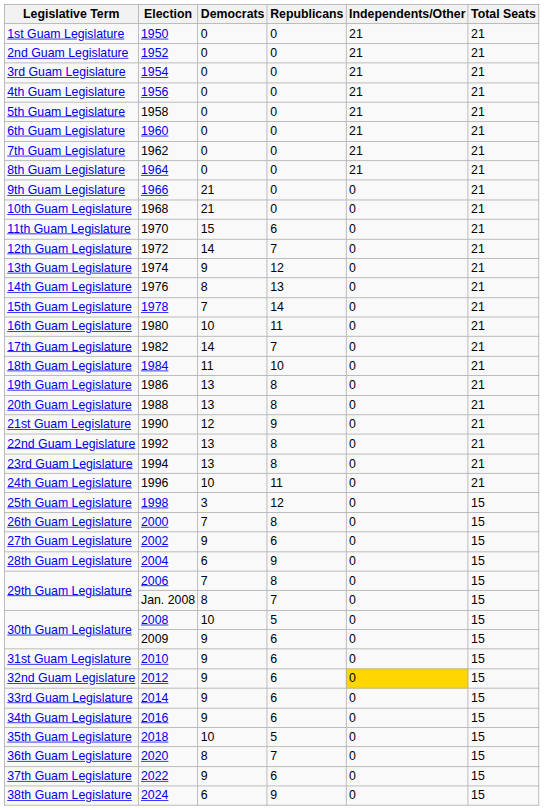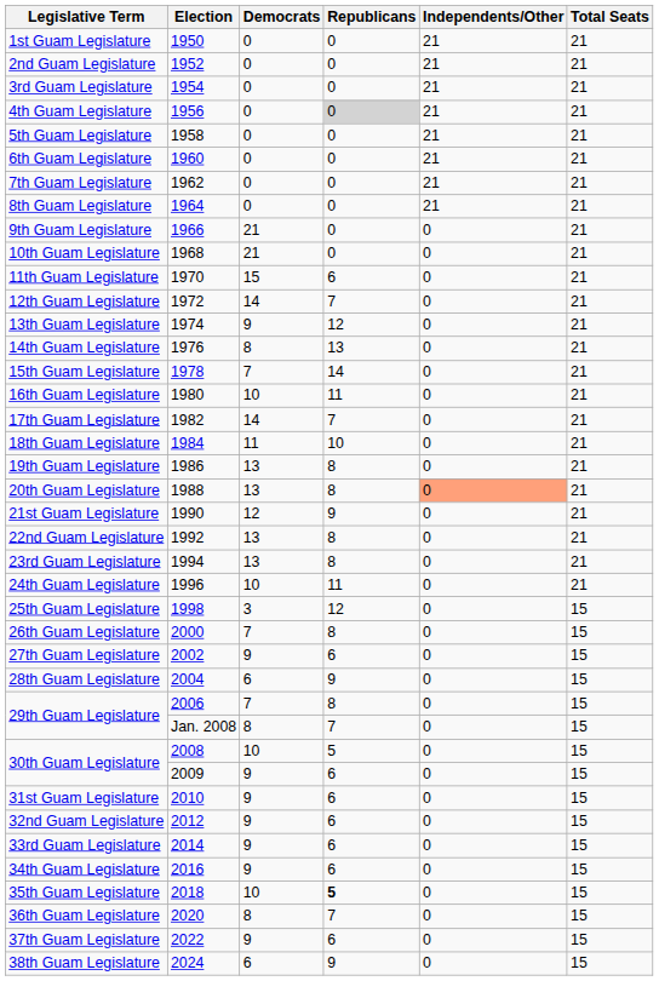 <table class="wikitable">
 <tr>
 <th>Legislative Term</th>
 <th>Election</th>
 <th>Democrats</th>
 <th>Republicans</th>
 <th>Independents/Other</th>
 <th>Total Seats</th>
 </tr>
 <tr>
 <td><a href='#'>1st Guam Legislature</a></td>
 <td><a href='#'>1950</a></td>
 <td>0</td>
 <td>0</td>
 <td>21</td>
 <td>21</td>
 </tr>
 <tr>
 <td><a href='#'>2nd Guam Legislature</a></td>
 <td><a href='#'>1952</a></td>
 <td>0</td>
 <td>0</td>
 <td>21</td>
 <td>21</td>
 </tr>
 <tr>
 <td><a href='#'>3rd Guam Legislature</a></td>
 <td><a href='#'>1954</a></td>
 <td>0</td>
 <td>0</td>
 <td>21</td>
 <td>21</td>
 </tr>
 <tr>
 <td><a href='#'>4th Guam Legislature</a></td>
 <td><a href='#'>1956</a></td>
 <td>0</td>
-<td>0</td>
+<td style="background: lightgrey;">0</td>
 <td>21</td>
 <td>21</td>
 </tr>
 <tr>
 <td><a href='#'>5th Guam Legislature</a></td>
 <td>1958</td>
 <td>0</td>
 <td>0</td>
 <td>21</td>
 <td>21</td>
 </tr>
 <tr>
 <td><a href='#'>6th Guam Legislature</a></td>
 <td><a href='#'>1960</a></td>
 <td>0</td>
 <td>0</td>
 <td>21</td>
 <td>21</td>
 </tr>
 <tr>
 <td><a href='#'>7th Guam Legislature</a></td>
 <td>1962</td>
 <td>0</td>
 <td>0</td>
 <td>21</td>
 <td>21</td>
 </tr>
 <tr>
 <td><a href='#'>8th Guam Legislature</a></td>
 <td><a href='#'>1964</a></td>
 <td>0</td>
 <td>0</td>
 <td>21</td>
 <td>21</td>
 </tr>
 <tr>
 <td><a href='#'>9th Guam Legislature</a></td>
 <td><a href='#'>1966</a></td>
 <td>21</td>
 <td>0</td>
 <td>0</td>
 <td>21</td>
 </tr>
 <tr>
 <td><a href='#'>10th Guam Legislature</a></td>
 <td>1968</td>
 <td>21</td>
 <td>0</td>
 <td>0</td>
 <td>21</td>
 </tr>
 <tr>
 <td><a href='#'>11th Guam Legislature</a></td>
 <td>1970</td>
 <td>15</td>
 <td>6</td>
 <td>0</td>
 <td>21</td>
 </tr>
 <tr>
 <td><a href='#'>12th Guam Legislature</a></td>
 <td>1972</td>
 <td>14</td>
 <td>7</td>
 <td>0</td>
 <td>21</td>
 </tr>
 <tr>
 <td><a href='#'>13th Guam Legislature</a></td>
 <td>1974</td>
 <td>9</td>
 <td>12</td>
 <td>0</td>
 <td>21</td>
 </tr>
 <tr>
 <td><a href='#'>14th Guam Legislature</a></td>
 <td>1976</td>
 <td>8</td>
 <td>13</td>
 <td>0</td>
 <td>21</td>
 </tr>
 <tr>
 <td><a href='#'>15th Guam Legislature</a></td>
 <td><a href='#'>1978</a></td>
 <td>7</td>
 <td>14</td>
 <td>0</td>
 <td>21</td>
 </tr>
 <tr>
 <td><a href='#'>16th Guam Legislature</a></td>
 <td>1980</td>
 <td>10</td>
 <td>11</td>
 <td>0</td>
 <td>21</td>
 </tr>
 <tr>
 <td><a href='#'>17th Guam Legislature</a></td>
 <td>1982</td>
 <td>14</td>
 <td>7</td>
 <td>0</td>
 <td>21</td>
 </tr>
 <tr>
 <td><a href='#'>18th Guam Legislature</a></td>
 <td><a href='#'>1984</a></td>
 <td>11</td>
 <td>10</td>
 <td>0</td>
 <td>21</td>
 </tr>
 <tr>
 <td><a href='#'>19th Guam Legislature</a></td>
 <td>1986</td>
 <td>13</td>
 <td>8</td>
 <td>0</td>
 <td>21</td>
 </tr>
 <tr>
 <td><a href='#'>20th Guam Legislature</a></td>
 <td>1988</td>
 <td>13</td>
 <td>8</td>
-<td>0</td>
+<td style="background: lightsalmon;">0</td>
 <td>21</td>
 </tr>
 <tr>
 <td><a href='#'>21st Guam Legislature</a></td>
 <td>1990</td>
 <td>12</td>
 <td>9</td>
 <td>0</td>
 <td>21</td>
 </tr>
 <tr>
 <td><a href='#'>22nd Guam Legislature</a></td>
 <td>1992</td>
 <td>13</td>
 <td>8</td>
 <td>0</td>
 <td>21</td>
 </tr>
 <tr>
 <td><a href='#'>23rd Guam Legislature</a></td>
 <td>1994</td>
 <td>13</td>
 <td>8</td>
 <td>0</td>
 <td>21</td>
 </tr>
 <tr>
 <td><a href='#'>24th Guam Legislature</a></td>
 <td>1996</td>
 <td>10</td>
 <td>11</td>
 <td>0</td>
 <td>21</td>
 </tr>
 <tr>
 <td><a href='#'>25th Guam Legislature</a></td>
 <td><a href='#'>1998</a></td>
 <td>3</td>
 <td>12</td>
 <td>0</td>
 <td>15</td>
 </tr>
 <tr>
 <td><a href='#'>26th Guam Legislature</a></td>
 <td><a href='#'>2000</a></td>
 <td>7</td>
 <td>8</td>
 <td>0</td>
 <td>15</td>
 </tr>
 <tr>
 <td><a href='#'>27th Guam Legislature</a></td>
 <td><a href='#'>2002</a></td>
 <td>9</td>
 <td>6</td>
 <td>0</td>
 <td>15</td>
 </tr>
 <tr>
 <td><a href='#'>28th Guam Legislature</a></td>
 <td><a href='#'>2004</a></td>
 <td>6</td>
 <td>9</td>
 <td>0</td>
 <td>15</td>
 </tr>
 <tr>
 <td rowspan=2><a href='#'>29th Guam Legislature</a></td>
 <td><a href='#'>2006</a></td>
 <td>7</td>
 <td>8</td>
 <td>0</td>
 <td>15</td>
 </tr>
 <tr>
 <td>Jan. 2008</td>
 <td>8</td>
 <td>7</td>
 <td>0</td>
 <td>15</td>
 </tr>
 <tr>
 <td rowspan=2><a href='#'>30th Guam Legislature</a></td>
 <td><a href='#'>2008</a></td>
 <td>10</td>
 <td>5</td>
 <td>0</td>
 <td>15</td>
 </tr>
 <tr>
 <td>2009</td>
 <td>9</td>
 <td>6</td>
 <td>0</td>
 <td>15</td>
 </tr>
 <tr>
 <td><a href='#'>31st Guam Legislature</a></td>
 <td><a href='#'>2010</a></td>
 <td>9</td>
 <td>6</td>
 <td>0</td>
 <td>15</td>
 </tr>
 <tr>
 <td><a href='#'>32nd Guam Legislature</a></td>
 <td><a href='#'>2012</a></td>
 <td>9</td>
 <td>6</td>
-<td style="background: gold;">0</td>
+<td>0</td>
 <td>15</td>
 </tr>
 <tr>
 <td><a href='#'>33rd Guam Legislature</a></td>
 <td><a href='#'>2014</a></td>
 <td>9</td>
 <td>6</td>
 <td>0</td>
 <td>15</td>
 </tr>
 <tr>
 <td><a href='#'>34th Guam Legislature</a></td>
 <td><a href='#'>2016</a></td>
 <td>9</td>
 <td>6</td>
 <td>0</td>
 <td>15</td>
 </tr>
 <tr>
 <td><a href='#'>35th Guam Legislature</a></td>
 <td><a href='#'>2018</a></td>
 <td>10</td>
-<td>5</td>
+<td><strong>5</strong></td>
 <td>0</td>
 <td>15</td>
 </tr>
 <tr>
 <td><a href='#'>36th Guam Legislature</a></td>
 <td><a href='#'>2020</a></td>
 <td>8</td>
 <td>7</td>
 <td>0</td>
 <td>15</td>
 </tr>
 <tr>
 <td><a href='#'>37th Guam Legislature</a></td>
 <td><a href='#'>2022</a></td>
 <td>9</td>
 <td>6</td>
 <td>0</td>
 <td>15</td>
 </tr>
 <tr>
 <td><a href='#'>38th Guam Legislature</a></td>
 <td><a href='#'>2024</a></td>
 <td>6</td>
 <td>9</td>
 <td>0</td>
 <td>15</td>
 </tr>
 </table>
